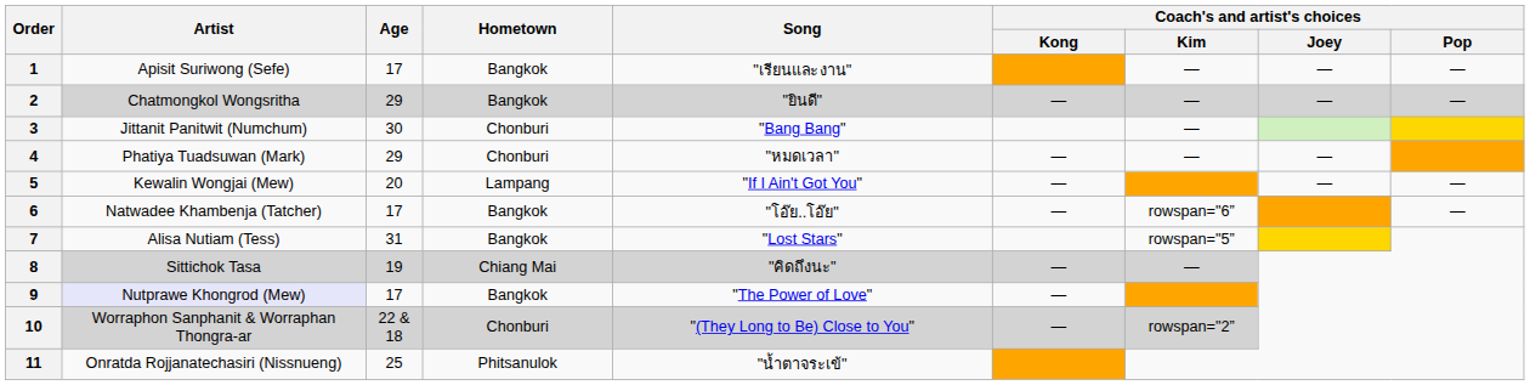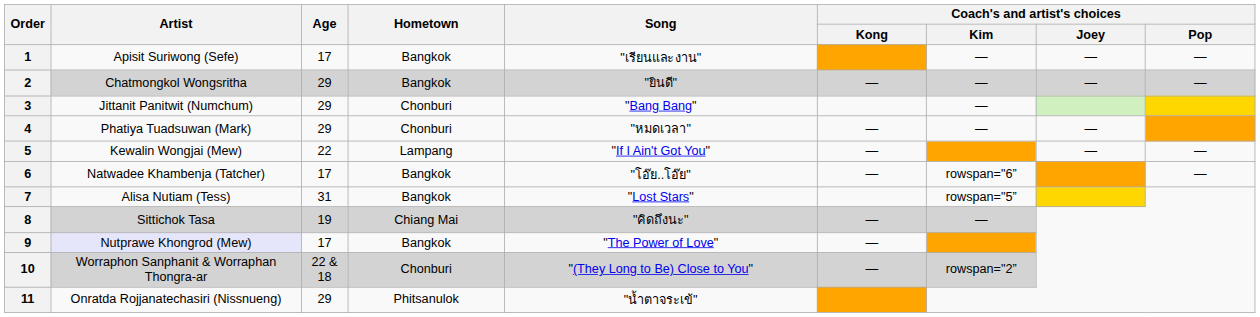 <table class="wikitable" style="text-align:center; width:100%;">
 <tr>
 <th scope="col" rowspan="2" style="width:02%;">Order</th>
 <th scope="col" rowspan="2" style="width:16%;">Artist</th>
 <th scope="col" rowspan="2" style="width:03%;">Age</th>
 <th scope="col" rowspan="2" style="width:10%;">Hometown</th>
 <th scope="col" rowspan="2" style="width:20%;">Song</th>
 <th scope="col" colspan="4" width="30%">Coach's and artist's choices</th>
 </tr>
 <tr>
 <th style="width:07%;">Kong</th>
 <th style="width:07%;">Kim</th>
 <th style="width:07%;">Joey</th>
 <th style="width:07%;">Pop</th>
 </tr>
 <tr>
 <th>1</th>
 <td>Apisit Suriwong (Sefe)</td>
 <td>17</td>
 <td>Bangkok</td>
 <td>"เรียนและงาน"</td>
 <td style="background:orange;"></td>
 <td>—</td>
 <td>—</td>
 <td>—</td>
 </tr>
 <tr bgcolor=lightgrey>
 <th>2</th>
 <td>Chatmongkol Wongsritha</td>
 <td>29</td>
 <td>Bangkok</td>
 <td>"ยินดี"</td>
 <td>—</td>
 <td>—</td>
 <td>—</td>
 <td>—</td>
 </tr>
 <tr>
 <th>3</th>
 <td>Jittanit Panitwit (Numchum)</td>
-<td>30</td>
+<td>29</td>
 <td>Chonburi</td>
 <td>"<a href='#'>Bang Bang</a>"</td>
 <td></td>
 <td>—</td>
 <td style="background:#d0f0c0;"></td>
 <td style="background:gold;"></td>
 </tr>
 <tr>
 <th>4</th>
 <td>Phatiya Tuadsuwan (Mark)</td>
 <td>29</td>
 <td>Chonburi</td>
 <td>"หมดเวลา"</td>
 <td>—</td>
 <td>—</td>
 <td>—</td>
 <td style="background:orange;"></td>
 </tr>
 <tr>
 <th>5</th>
 <td>Kewalin Wongjai (Mew)</td>
-<td>20</td>
+<td>22</td>
 <td>Lampang</td>
 <td>"<a href='#'>If I Ain't Got You</a>"</td>
 <td>—</td>
 <td style="background:orange;"></td>
 <td>—</td>
 <td>—</td>
 </tr>
 <tr>
 <th>6</th>
 <td>Natwadee Khambenja (Tatcher)</td>
 <td>17</td>
 <td>Bangkok</td>
 <td>"โอ๊ย..โอ๊ย"</td>
 <td>—</td>
 <td>rowspan="6” </td>
 <td style="background:orange;"></td>
 <td>—</td>
 </tr>
 <tr>
 <th>7</th>
 <td>Alisa Nutiam (Tess)</td>
 <td>31</td>
 <td>Bangkok</td>
 <td>"<a href='#'>Lost Stars</a>"</td>
 <td></td>
 <td>rowspan="5” </td>
 <td style="background:gold;"></td>
 </tr>
 <tr bgcolor=lightgrey>
 <th>8</th>
 <td>Sittichok Tasa</td>
 <td>19</td>
 <td>Chiang Mai</td>
 <td>"คิดถึงนะ"</td>
 <td>—</td>
 <td>—</td>
 </tr>
 <tr>
 <th>9</th>
 <td style="background: lavender;">Nutprawe Khongrod (Mew)</td>
 <td>17</td>
 <td>Bangkok</td>
 <td>"<a href='#'>The Power of Love</a>"</td>
 <td>—</td>
 <td style="background:orange;"></td>
 </tr>
 <tr bgcolor=lightgrey>
 <th>10</th>
 <td>Worraphon Sanphanit & Worraphan Thongra-ar</td>
 <td>22 & 18</td>
 <td>Chonburi</td>
 <td>"<a href='#'>(They Long to Be) Close to You</a>"</td>
 <td>—</td>
 <td>rowspan="2” </td>
 </tr>
 <tr>
 <th>11</th>
 <td>Onratda Rojjanatechasiri (Nissnueng)</td>
-<td>25</td>
+<td>29</td>
 <td>Phitsanulok</td>
 <td>"น้ำตาจระเข้"</td>
 <td style="background:orange;"></td>
 </tr>
 </table>
